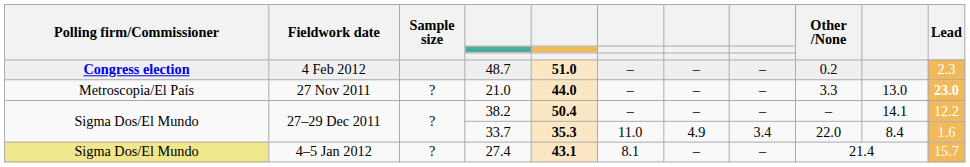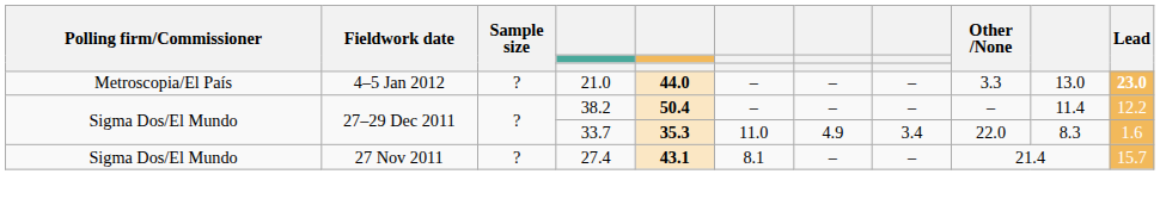 <table class="wikitable collapsible collapsed" style="text-align:center; font-size:90%; line-height:14px;">
 <tr style="height:42px;">
 <th style="width:260px;" rowspan="3">Polling firm/Commissioner</th>
 <th style="width:125px;" rowspan="3">Fieldwork date</th>
 <th style="width:60px;" rowspan="3">Sample size</th>
 <th style="width:60px;"></th>
 <th style="width:60px;"></th>
 <th style="width:60px;"></th>
 <th style="width:60px;"></th>
 <th style="width:60px;"></th>
 <th style="width:60px;" rowspan="3">Other<br>/None</th>
 <th style="width:60px;" rowspan="3"></th>
 <th style="width:30px;" rowspan="3">Lead</th>
 </tr>
 <tr>
 <th style="color:inherit;background:#49A99B;"></th>
 <th style="color:inherit;background:#F2B95B;"></th>
 <th style="color:inherit;background:"></th>
 <th style="color:inherit;background:"></th>
 <th style="color:inherit;background:"></th>
 </tr>
 <tr>
 <th></th>
 <th></th>
 <th></th>
 <th></th>
 <th></th>
 </tr>
-<tr style="color:inherit;background:#EFEFEF;">
-<td><strong><a href='#'>Congress election</a></strong></td>
-<td>4 Feb 2012</td>
-<td></td>
-<td>48.7</td>
-<td style="color:inherit;background:#FBE7C4;"><strong>51.0</strong></td>
-<td>–</td>
-<td>–</td>
-<td>–</td>
-<td>0.2</td>
-<td></td>
-<td style="color:inherit;background:#F2B95B; color:white;">2.3</td>
-</tr>
 <tr>
 <td>Metroscopia/El País</td>
-<td>27 Nov 2011</td>
+<td>4–5 Jan 2012</td>
 <td>?</td>
 <td>21.0</td>
 <td style="color:inherit;background:#FBE7C4;"><strong>44.0</strong></td>
 <td>–</td>
 <td>–</td>
 <td>–</td>
 <td>3.3</td>
 <td>13.0</td>
 <td style="color:inherit;background:#F2B95B; color:white;"><strong>23.0</strong></td>
 </tr>
 <tr>
 <td rowspan="2">Sigma Dos/El Mundo</td>
 <td rowspan="2">27–29 Dec 2011</td>
 <td rowspan="2">?</td>
 <td>38.2</td>
 <td style="color:inherit;background:#FBE7C4;"><strong>50.4</strong></td>
 <td>–</td>
 <td>–</td>
 <td>–</td>
 <td>–</td>
-<td>14.1</td>
+<td>11.4</td>
 <td style="color:inherit;background:#F2B95B; color:white;">12.2</td>
 </tr>
 <tr>
 <td>33.7</td>
 <td style="color:inherit;background:#FBE7C4;"><strong>35.3</strong></td>
 <td>11.0</td>
 <td>4.9</td>
 <td>3.4</td>
 <td>22.0</td>
-<td>8.4</td>
+<td>8.3</td>
 <td style="color:inherit;background:#F2B95B; color:white;">1.6</td>
 </tr>
 <tr>
-<td style="background: khaki;">Sigma Dos/El Mundo</td>
-<td>4–5 Jan 2012</td>
+<td>Sigma Dos/El Mundo</td>
+<td>27 Nov 2011</td>
 <td>?</td>
 <td>27.4</td>
 <td style="color:inherit;background:#FBE7C4;"><strong>43.1</strong></td>
 <td>8.1</td>
 <td>–</td>
 <td>–</td>
 <td colspan="2">21.4</td>
 <td style="color:inherit;background:#F2B95B; color:white;">15.7</td>
 </tr>
 </table>
